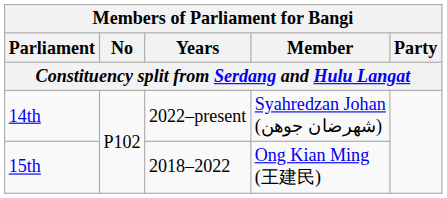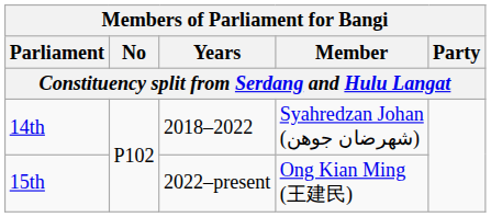 <table class=wikitable>
 <tr>
 <th colspan="5">Members of Parliament for Bangi</th>
 </tr>
 <tr>
 <th>Parliament</th>
 <th>No</th>
 <th>Years</th>
 <th>Member</th>
 <th>Party</th>
 </tr>
 <tr>
 <th colspan="5" align="center"><em>Constituency split from <a href='#'>Serdang</a> and <a href='#'>Hulu Langat</a></em></th>
 </tr>
 <tr>
 <td><a href='#'>14th</a></td>
 <td rowspan="2">P102</td>
-<td>2022–present</td>
+<td>2018–2022</td>
 <td><a href='#'>Syahredzan Johan</a> <br> (شهرضان جوهن)</td>
 <td rowspan=2></td>
 </tr>
 <tr>
 <td><a href='#'>15th</a></td>
-<td>2018–2022</td>
+<td>2022–present</td>
 <td><a href='#'>Ong Kian Ming</a> <br> (王建民)</td>
 </tr>
 </table>
